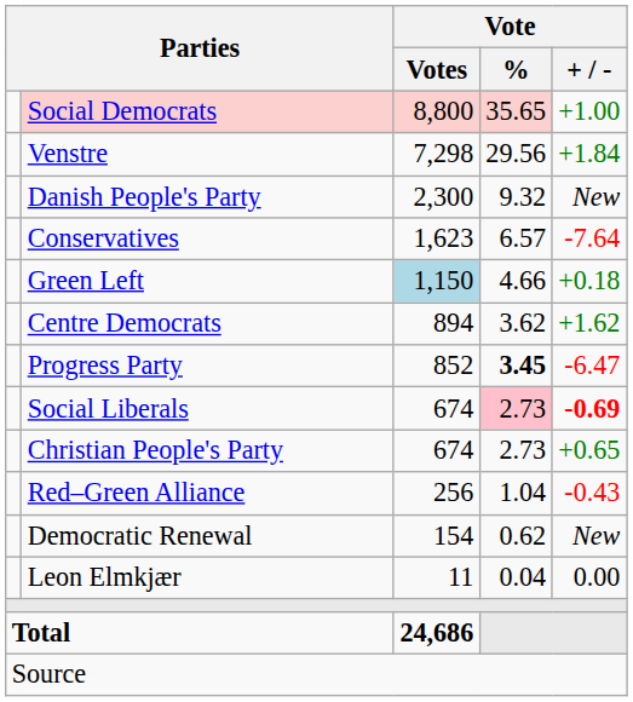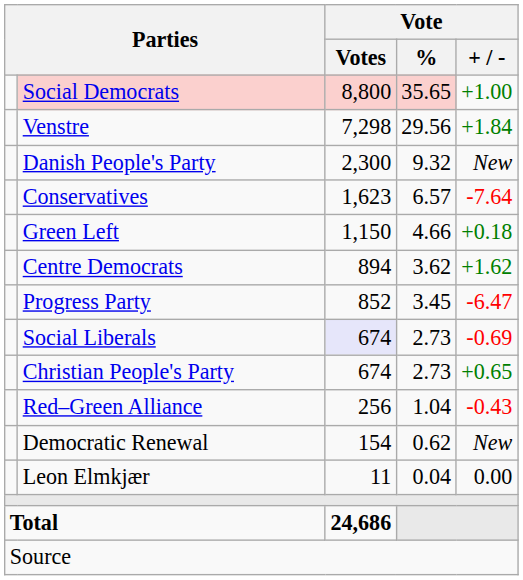 <table class="wikitable" style="text-align:right;">
 <tr>
 <th style="text-align:centre;" rowspan="2" colspan="2" width="225">Parties</th>
 <th colspan="3">Vote</th>
 </tr>
 <tr>
 <th width="15">Votes</th>
 <th width="15">%</th>
 <th width="15">+ / -</th>
 </tr>
 <tr>
 <td width="2" style="color:inherit;background:"></td>
 <td bgcolor=#fbd0ce  align="left"><a href='#'>Social Democrats</a></td>
 <td bgcolor=#fbd0ce>8,800</td>
 <td bgcolor=#fbd0ce>35.65</td>
 <td style=color:green;>+1.00</td>
 </tr>
 <tr>
 <td width="2" style="color:inherit;background:"></td>
 <td align="left"><a href='#'>Venstre</a></td>
 <td>7,298</td>
 <td>29.56</td>
 <td style=color:green;>+1.84</td>
 </tr>
 <tr>
 <td width="2" style="color:inherit;background:"></td>
 <td align="left"><a href='#'>Danish People's Party</a></td>
 <td>2,300</td>
 <td>9.32</td>
 <td><em>New</em></td>
 </tr>
 <tr>
 <td width="2" style="color:inherit;background:"></td>
 <td align="left"><a href='#'>Conservatives</a></td>
 <td>1,623</td>
 <td>6.57</td>
 <td style=color:red;>-7.64</td>
 </tr>
 <tr>
 <td width="2" style="color:inherit;background:"></td>
 <td align="left"><a href='#'>Green Left</a></td>
-<td style="background: lightblue;">1,150</td>
+<td>1,150</td>
 <td>4.66</td>
 <td style=color:green;>+0.18</td>
 </tr>
 <tr>
 <td width="2" style="color:inherit;background:"></td>
 <td align="left"><a href='#'>Centre Democrats</a></td>
 <td>894</td>
 <td>3.62</td>
 <td style=color:green;>+1.62</td>
 </tr>
 <tr>
 <td width="2" style="color:inherit;background:"></td>
 <td align="left"><a href='#'>Progress Party</a></td>
 <td>852</td>
-<td><strong>3.45</strong></td>
+<td>3.45</td>
 <td style=color:red;>-6.47</td>
 </tr>
 <tr>
 <td width="2" style="color:inherit;background:"></td>
 <td align="left"><a href='#'>Social Liberals</a></td>
-<td>674</td>
-<td style="background: pink;">2.73</td>
-<td style=color:red;><strong>-0.69</strong></td>
+<td style="background: lavender;">674</td>
+<td>2.73</td>
+<td style=color:red;>-0.69</td>
 </tr>
 <tr>
 <td width="2" style="color:inherit;background:"></td>
 <td align="left"><a href='#'>Christian People's Party</a></td>
 <td>674</td>
 <td>2.73</td>
 <td style=color:green;>+0.65</td>
 </tr>
 <tr>
 <td width="2" style="color:inherit;background:"></td>
 <td align="left"><a href='#'>Red–Green Alliance</a></td>
 <td>256</td>
 <td>1.04</td>
 <td style=color:red;>-0.43</td>
 </tr>
 <tr>
 <td width="2" style="color:inherit;background:"></td>
 <td align="left">Democratic Renewal</td>
 <td>154</td>
 <td>0.62</td>
 <td><em>New</em></td>
 </tr>
 <tr>
 <td width="2" style="color:inherit;background:"></td>
 <td align="left">Leon Elmkjær</td>
 <td>11</td>
 <td>0.04</td>
 <td>0.00</td>
 </tr>
 <tr>
 <td colspan="7" bgcolor="#E9E9E9"></td>
 </tr>
 <tr>
 <td align="left" colspan="2"><strong>Total</strong></td>
 <td><strong>24,686</strong></td>
 <td bgcolor="#E9E9E9" colspan="2"></td>
 </tr>
 <tr>
 <td align="left" colspan="6">Source</td>
 </tr>
 </table>
